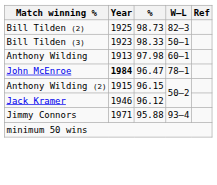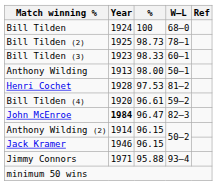 <table class=wikitable style="display:inline-table;">
 <tr>
 <th>Match winning %</th>
 <th>Year</th>
 <th>%</th>
 <th>W–L</th>
 <th>Ref</th>
 </tr>
 <tr>
+<td> Bill Tilden</td>
+<td>1924</td>
+<td>100</td>
+<td>68–0</td>
+<td></td>
+</tr>
+<tr>
 <td> Bill Tilden <small>(2)</small></td>
 <td>1925</td>
 <td>98.73</td>
-<td>82–3</td>
+<td>78–1</td>
 <td></td>
 </tr>
 <tr>
 <td> Bill Tilden <small>(3)</small></td>
 <td>1923</td>
 <td>98.33</td>
-<td>50–1</td>
+<td>60–1</td>
 <td></td>
 </tr>
 <tr>
 <td> Anthony Wilding</td>
 <td>1913</td>
-<td>97.98</td>
-<td>60–1</td>
+<td>98.00</td>
+<td>50–1</td>
+<td></td>
+</tr>
+<tr>
+<td> <a href='#'>Henri Cochet</a></td>
+<td>1928</td>
+<td>97.53</td>
+<td>81–2</td>
+<td></td>
+</tr>
+<tr>
+<td> Bill Tilden <small>(4)</small></td>
+<td>1920</td>
+<td>96.61</td>
+<td>59–2</td>
 <td></td>
 </tr>
 <tr>
 <td> <a href='#'>John McEnroe</a></td>
 <td><strong>1984</strong></td>
 <td>96.47</td>
-<td>78–1</td>
+<td>82–3</td>
 <td></td>
 </tr>
 <tr>
 <td> Anthony Wilding <small>(2) </small></td>
-<td>1915</td>
+<td>1914</td>
 <td>96.15</td>
 <td rowspan=2>50–2</td>
 <td></td>
 </tr>
 <tr>
 <td> <a href='#'>Jack Kramer</a></td>
 <td>1946</td>
-<td>96.12</td>
+<td>96.15</td>
 <td></td>
 </tr>
 <tr>
 <td> Jimmy Connors</td>
 <td>1971</td>
 <td>95.88</td>
 <td>93–4</td>
 <td></td>
 </tr>
 <tr>
 <td colspan="5">minimum 50 wins</td>
 </tr>
 </table>
